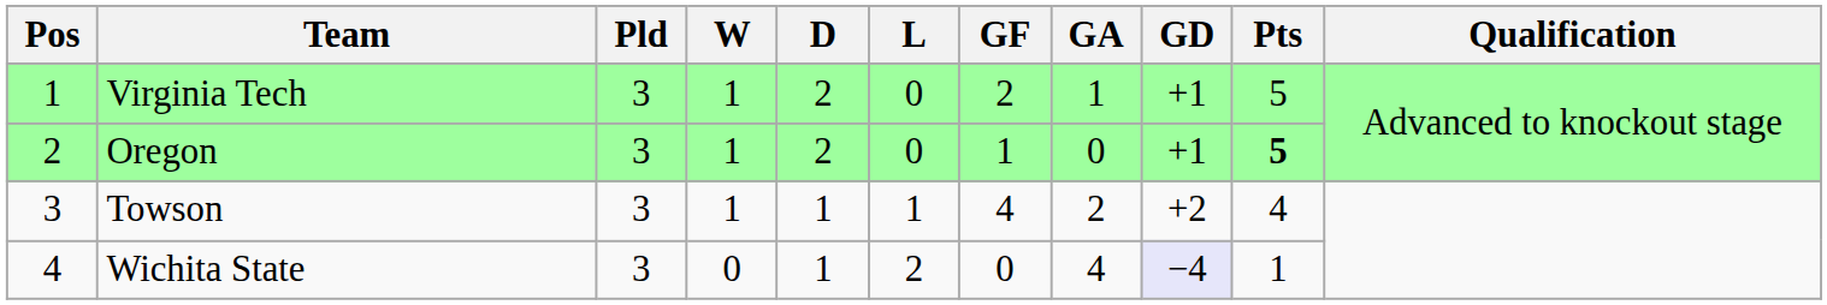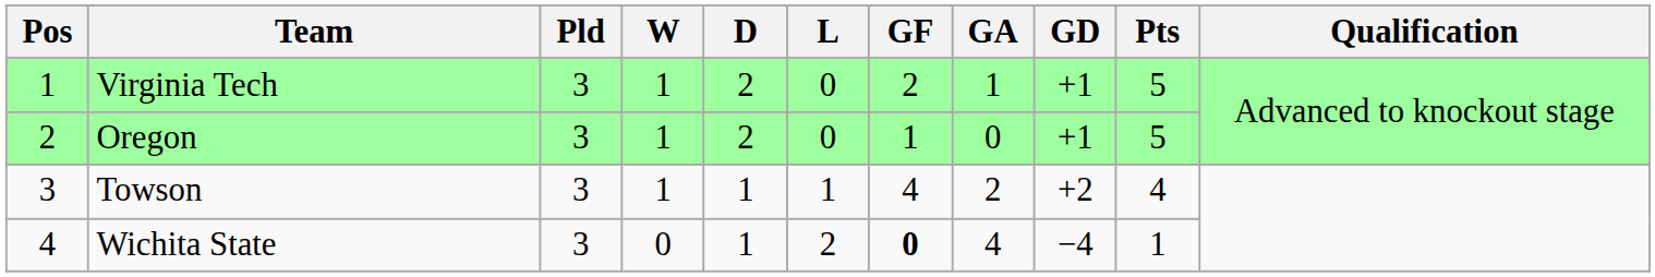 <table class="wikitable" style="text-align:center; margin: 1em auto">
 <tr>
 <th style="width:2em">Pos</th>
 <th style="width:13em">Team</th>
 <th style="width:2em">Pld</th>
 <th style="width:2em">W</th>
 <th style="width:2em">D</th>
 <th style="width:2em">L</th>
 <th style="width:2em">GF</th>
 <th style="width:2em">GA</th>
 <th style="width:2em">GD</th>
 <th style="width:2em">Pts</th>
 <th style="width:13em">Qualification</th>
 </tr>
 <tr bgcolor="#9eff9e">
 <td>1</td>
 <td style="text-align:left">Virginia Tech</td>
 <td>3</td>
 <td>1</td>
 <td>2</td>
 <td>0</td>
 <td>2</td>
 <td>1</td>
 <td>+1</td>
 <td>5</td>
 <td rowspan="2">Advanced to knockout stage</td>
 </tr>
 <tr bgcolor="#9eff9e">
 <td>2</td>
 <td style="text-align:left">Oregon</td>
 <td>3</td>
 <td>1</td>
 <td>2</td>
 <td>0</td>
 <td>1</td>
 <td>0</td>
 <td>+1</td>
-<td><strong>5</strong></td>
+<td>5</td>
 </tr>
 <tr>
 <td>3</td>
 <td style="text-align:left">Towson</td>
 <td>3</td>
 <td>1</td>
 <td>1</td>
 <td>1</td>
 <td>4</td>
 <td>2</td>
 <td>+2</td>
 <td>4</td>
 </tr>
 <tr>
 <td>4</td>
 <td style="text-align:left">Wichita State</td>
 <td>3</td>
 <td>0</td>
 <td>1</td>
 <td>2</td>
-<td>0</td>
+<td><strong>0</strong></td>
 <td>4</td>
-<td style="background: lavender;">−4</td>
+<td>−4</td>
 <td>1</td>
 </tr>
 </table>
